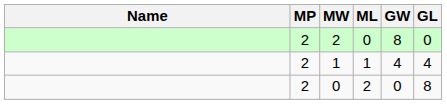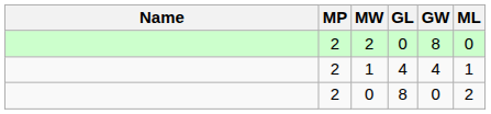 <table class=wikitable style="text-align:center">
 <tr>
 <th width=300>Name</th>
 <th width=20>MP</th>
 <th width=20>MW</th>
+<th width=20>GL</th>
+<th width=20>GW</th>
 <th width=20>ML</th>
-<th width=20>GW</th>
-<th width=20>GL</th>
 </tr>
 <tr style="background-color:#ccffcc;">
 <td style="text-align:left;"><strong></strong></td>
 <td>2</td>
 <td>2</td>
 <td>0</td>
 <td>8</td>
 <td>0</td>
 </tr>
 <tr>
 <td style="text-align:left;"></td>
 <td>2</td>
 <td>1</td>
-<td>1</td>
 <td>4</td>
 <td>4</td>
+<td>1</td>
 </tr>
 <tr>
 <td style="text-align:left;"></td>
 <td>2</td>
 <td>0</td>
+<td>8</td>
+<td>0</td>
 <td>2</td>
-<td>0</td>
-<td>8</td>
 </tr>
 </table>
